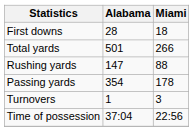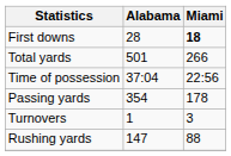 <table class="wikitable" style="float: left;">
 <tr>
 <th>Statistics</th>
 <th>Alabama</th>
 <th>Miami</th>
 </tr>
 <tr>
 <td>First downs</td>
 <td>28</td>
-<td>18</td>
+<td><strong>18</strong></td>
 </tr>
 <tr>
 <td>Total yards</td>
 <td>501</td>
 <td>266</td>
 </tr>
 <tr>
-<td>Rushing yards</td>
-<td>147</td>
-<td>88</td>
+<td>Time of possession</td>
+<td>37:04</td>
+<td>22:56</td>
 </tr>
 <tr>
 <td>Passing yards</td>
 <td>354</td>
 <td>178</td>
 </tr>
 <tr>
 <td>Turnovers</td>
 <td>1</td>
 <td>3</td>
 </tr>
 <tr>
-<td>Time of possession</td>
-<td>37:04</td>
-<td>22:56</td>
+<td>Rushing yards</td>
+<td>147</td>
+<td>88</td>
 </tr>
 <tr>
 </tr>
 </table>
